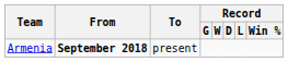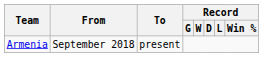 <table class="wikitable" style="text-align: center">
 <tr>
 <th rowspan="2">Team</th>
 <th rowspan="2">From</th>
 <th rowspan="2">To</th>
 <th colspan="5">Record</th>
 </tr>
 <tr>
 <th>G</th>
 <th>W</th>
 <th>D</th>
 <th>L</th>
 <th>Win %</th>
 </tr>
 <tr>
 <td align=left><a href='#'>Armenia</a></td>
-<td align=left><strong>September 2018</strong></td>
+<td align=left>September 2018</td>
 <td align=left>present<br></td>
 </tr>
 </table>
